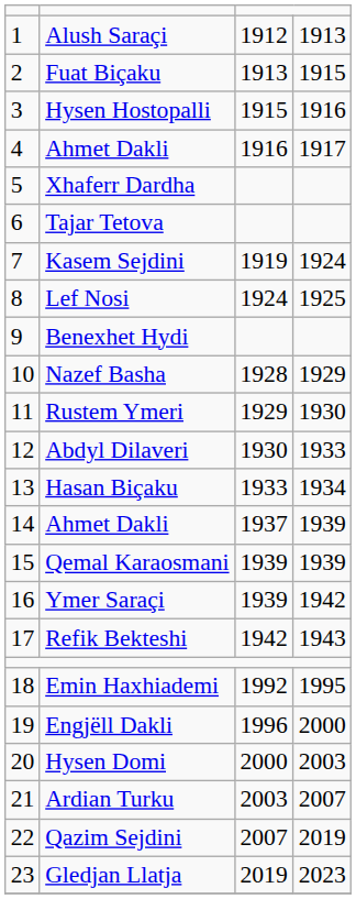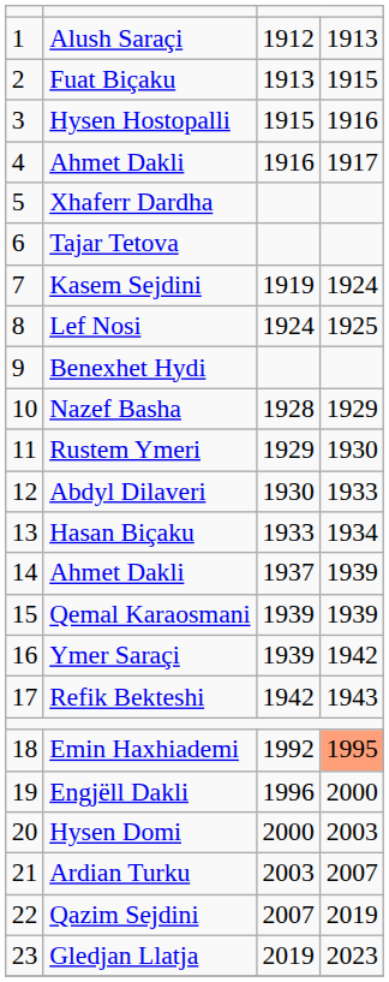 <table class="wikitable sortable">
 <tr>
 <td><strong></strong></td>
 <td><strong></strong></td>
 <td colspan="2"><strong></strong></td>
 </tr>
 <tr>
 <td>1</td>
 <td><a href='#'>Alush Saraçi</a></td>
 <td>1912</td>
 <td>1913</td>
 </tr>
 <tr>
 <td>2</td>
 <td><a href='#'>Fuat Biçaku</a></td>
 <td>1913</td>
 <td>1915</td>
 </tr>
 <tr>
 <td>3</td>
 <td><a href='#'>Hysen Hostopalli</a></td>
 <td>1915</td>
 <td>1916</td>
 </tr>
 <tr>
 <td>4</td>
 <td><a href='#'>Ahmet Dakli</a></td>
 <td>1916</td>
 <td>1917</td>
 </tr>
 <tr>
 <td>5</td>
 <td><a href='#'>Xhaferr Dardha</a></td>
 <td></td>
 <td></td>
 </tr>
 <tr>
 <td>6</td>
 <td><a href='#'>Tajar Tetova</a></td>
 <td></td>
 <td></td>
 </tr>
 <tr>
 <td>7</td>
 <td><a href='#'>Kasem Sejdini</a></td>
 <td>1919</td>
 <td>1924</td>
 </tr>
 <tr>
 <td>8</td>
 <td><a href='#'>Lef Nosi</a></td>
 <td>1924</td>
 <td>1925</td>
 </tr>
 <tr>
 <td>9</td>
 <td><a href='#'>Benexhet Hydi</a></td>
 <td></td>
 <td></td>
 </tr>
 <tr>
 <td>10</td>
 <td><a href='#'>Nazef Basha</a></td>
 <td>1928</td>
 <td>1929</td>
 </tr>
 <tr>
 <td>11</td>
 <td><a href='#'>Rustem Ymeri</a></td>
 <td>1929</td>
 <td>1930</td>
 </tr>
 <tr>
 <td>12</td>
 <td><a href='#'>Abdyl Dilaveri</a></td>
 <td>1930</td>
 <td>1933</td>
 </tr>
 <tr>
 <td>13</td>
 <td><a href='#'>Hasan Biçaku</a></td>
 <td>1933</td>
 <td>1934</td>
 </tr>
 <tr>
 <td>14</td>
 <td><a href='#'>Ahmet Dakli</a></td>
 <td>1937</td>
 <td>1939</td>
 </tr>
 <tr>
 <td>15</td>
 <td><a href='#'>Qemal Karaosmani</a></td>
 <td>1939</td>
 <td>1939</td>
 </tr>
 <tr>
 <td>16</td>
 <td><a href='#'>Ymer Saraçi</a></td>
 <td>1939</td>
 <td>1942</td>
 </tr>
 <tr>
 <td>17</td>
 <td><a href='#'>Refik Bekteshi</a></td>
 <td>1942</td>
 <td>1943</td>
 </tr>
 <tr>
 <td colspan="8" align=center></td>
 </tr>
 <tr>
 <td>18</td>
 <td><a href='#'>Emin Haxhiademi</a></td>
 <td>1992</td>
-<td>1995</td>
+<td style="background: lightsalmon;">1995</td>
 </tr>
 <tr>
 <td>19</td>
 <td><a href='#'>Engjëll Dakli</a></td>
 <td>1996</td>
 <td>2000</td>
 </tr>
 <tr>
 <td>20</td>
 <td><a href='#'>Hysen Domi</a></td>
 <td>2000</td>
 <td>2003</td>
 </tr>
 <tr>
 <td>21</td>
 <td><a href='#'>Ardian Turku</a></td>
 <td>2003</td>
 <td>2007</td>
 </tr>
 <tr>
 <td>22</td>
 <td><a href='#'>Qazim Sejdini</a></td>
 <td>2007</td>
 <td>2019</td>
 </tr>
 <tr>
 <td>23</td>
 <td><a href='#'>Gledjan Llatja</a></td>
 <td>2019</td>
 <td>2023</td>
 </tr>
 <tr>
 </tr>
 </table>
